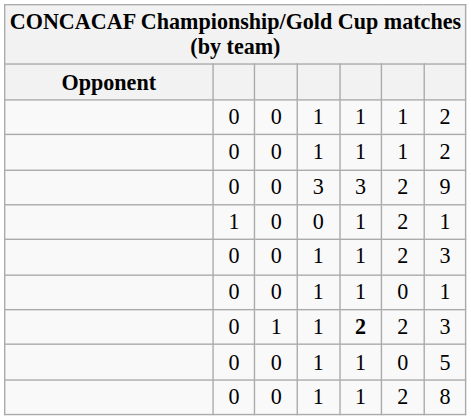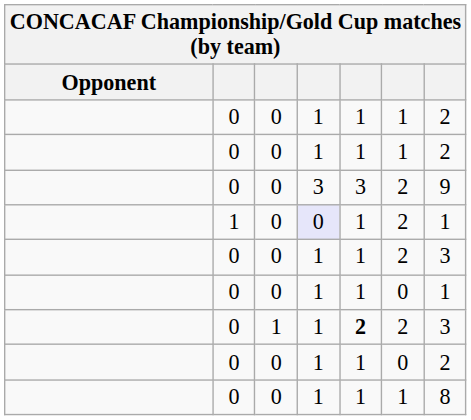 <table class="wikitable sortable" style="text-align: center;">
 <tr>
 <th colspan=7>CONCACAF Championship/Gold Cup matches<br>(by team)</th>
 </tr>
 <tr>
 <th>Opponent</th>
 <th></th>
 <th></th>
 <th></th>
 <th></th>
 <th></th>
 <th></th>
 </tr>
 <tr>
 <td align="left"></td>
 <td>0</td>
 <td>0</td>
 <td>1</td>
 <td>1</td>
 <td>1</td>
 <td>2</td>
 </tr>
 <tr>
 <td align="left"></td>
 <td>0</td>
 <td>0</td>
 <td>1</td>
 <td>1</td>
 <td>1</td>
 <td>2</td>
 </tr>
 <tr>
 <td align="left"></td>
 <td>0</td>
 <td>0</td>
 <td>3</td>
 <td>3</td>
 <td>2</td>
 <td>9</td>
 </tr>
 <tr>
 <td align="left"></td>
 <td>1</td>
 <td>0</td>
-<td>0</td>
+<td style="background: lavender;">0</td>
 <td>1</td>
 <td>2</td>
 <td>1</td>
 </tr>
 <tr>
 <td align="left"></td>
 <td>0</td>
 <td>0</td>
 <td>1</td>
 <td>1</td>
 <td>2</td>
 <td>3</td>
 </tr>
 <tr>
 <td align="left"></td>
 <td>0</td>
 <td>0</td>
 <td>1</td>
 <td>1</td>
 <td>0</td>
 <td>1</td>
 </tr>
 <tr>
 <td align="left"></td>
 <td>0</td>
 <td>1</td>
 <td>1</td>
 <td><strong>2</strong></td>
 <td>2</td>
 <td>3</td>
 </tr>
 <tr>
 <td align="left"></td>
 <td>0</td>
 <td>0</td>
 <td>1</td>
 <td>1</td>
 <td>0</td>
-<td>5</td>
+<td>2</td>
 </tr>
 <tr>
 <td align="left"></td>
 <td>0</td>
 <td>0</td>
 <td>1</td>
 <td>1</td>
-<td>2</td>
+<td>1</td>
 <td>8</td>
 </tr>
 </table>
